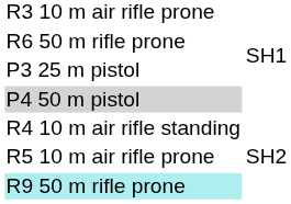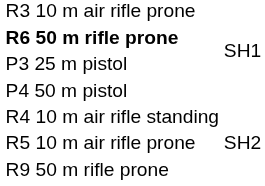 <table>
 <tr>
 <td>R3 10 m air rifle prone<br></td>
 <td rowspan=4>SH1</td>
 <td></td>
 <td></td>
 <td></td>
 </tr>
 <tr>
-<td>R6 50 m rifle prone<br></td>
+<td><strong>R6 50 m rifle prone<br></strong></td>
 <td></td>
 <td></td>
 <td></td>
 </tr>
 <tr>
 <td>P3 25 m pistol<br></td>
 <td></td>
 <td></td>
 <td></td>
 </tr>
 <tr>
-<td style="background: lightgrey;">P4 50 m pistol<br></td>
+<td>P4 50 m pistol<br></td>
 <td></td>
 <td></td>
 <td></td>
 </tr>
 <tr>
 <td nowrap>R4 10 m air rifle standing<br></td>
 <td rowspan=3>SH2</td>
 <td></td>
 <td></td>
 <td></td>
 </tr>
 <tr>
 <td>R5 10 m air rifle prone<br></td>
 <td></td>
 <td></td>
 <td></td>
 </tr>
 <tr>
-<td style="background: paleturquoise;">R9 50 m rifle prone<br></td>
+<td>R9 50 m rifle prone<br></td>
 <td></td>
 <td></td>
 <td></td>
 </tr>
 </table>
